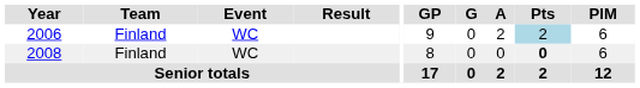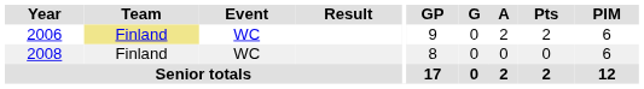 <table border="0" cellpadding="1" cellspacing="0" ID="Table3" style="text-align:center; width:40em">
 <tr ALIGN="center" bgcolor="#e0e0e0">
 <th>Year</th>
 <th>Team</th>
 <th>Event</th>
 <th>Result</th>
 <th rowspan="99" bgcolor="#ffffff"></th>
 <th>GP</th>
 <th>G</th>
 <th>A</th>
 <th>Pts</th>
 <th>PIM</th>
 </tr>
 <tr>
 <td><a href='#'>2006</a></td>
-<td><a href='#'>Finland</a></td>
+<td style="background: khaki;"><a href='#'>Finland</a></td>
 <td><a href='#'>WC</a></td>
 <td></td>
 <td>9</td>
 <td>0</td>
 <td>2</td>
-<td style="background: lightblue;">2</td>
+<td>2</td>
 <td>6</td>
 </tr>
 <tr bgcolor="#f0f0f0">
 <td><a href='#'>2008</a></td>
 <td>Finland</td>
 <td>WC</td>
 <td></td>
 <td>8</td>
 <td>0</td>
 <td>0</td>
-<td><strong>0</strong></td>
+<td>0</td>
 <td>6</td>
 </tr>
 <tr bgcolor="#e0e0e0">
 <th colspan=4>Senior totals</th>
 <th>17</th>
 <th>0</th>
 <th>2</th>
 <th>2</th>
 <th>12</th>
 </tr>
 </table>
